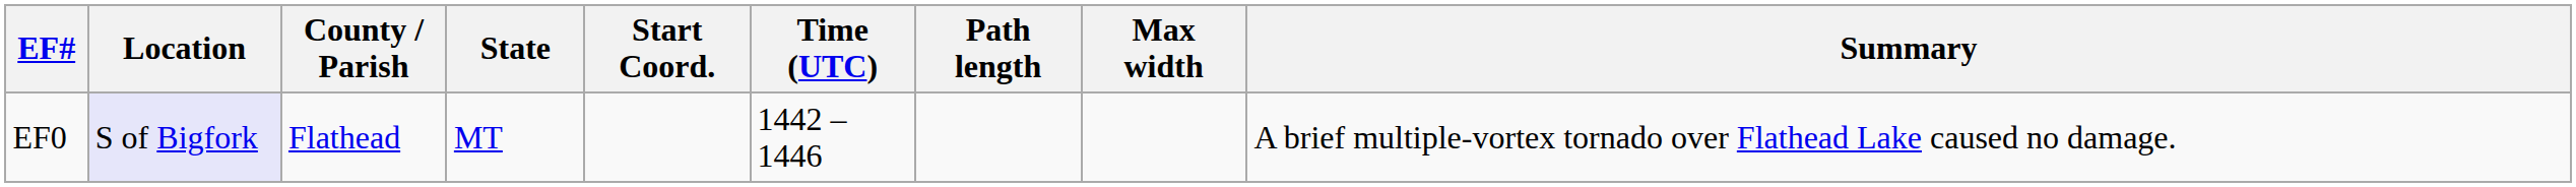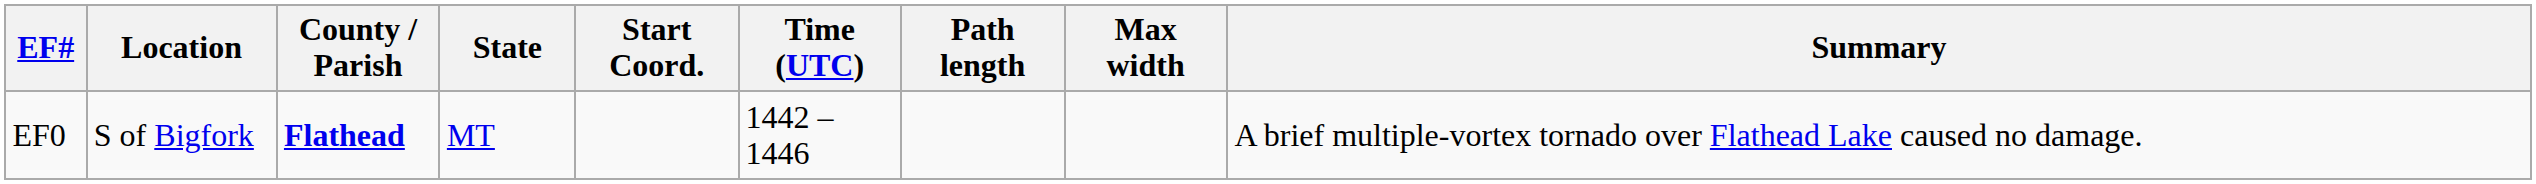 <table class="wikitable sortable" style="width:100%;">
 <tr>
 <th scope="col" width="3%" align="center"><a href='#'>EF#</a></th>
 <th scope="col" width="7%" align="center" class="unsortable">Location</th>
 <th scope="col" width="6%" align="center" class="unsortable">County / Parish</th>
 <th scope="col" width="5%" align="center">State</th>
 <th scope="col" width="6%" align="center">Start Coord.</th>
 <th scope="col" width="6%" align="center">Time (<a href='#'>UTC</a>)</th>
 <th scope="col" width="6%" align="center">Path length</th>
 <th scope="col" width="6%" align="center">Max width</th>
 <th scope="col" width="48%" class="unsortable" align="center">Summary</th>
 </tr>
 <tr>
 <td>EF0</td>
-<td style="background: lavender;">S of <a href='#'>Bigfork</a></td>
-<td><a href='#'>Flathead</a></td>
+<td>S of <a href='#'>Bigfork</a></td>
+<td><strong><a href='#'>Flathead</a></strong></td>
 <td><a href='#'>MT</a></td>
 <td></td>
 <td>1442 – 1446</td>
 <td></td>
 <td></td>
 <td>A brief multiple-vortex tornado over <a href='#'>Flathead Lake</a> caused no damage.</td>
 </tr>
 <tr>
 </tr>
 </table>
